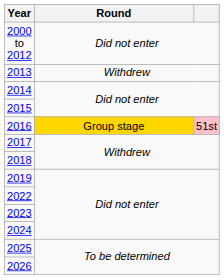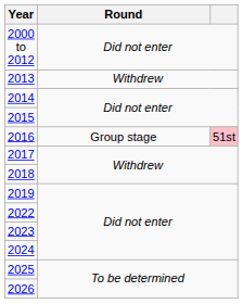 <table class="wikitable" style="text-align: center; font-size:90%">
 <tr>
 <th>Year</th>
 <th style="width:200px">Round</th>
 <th></th>
 </tr>
 <tr>
 <td><a href='#'>2000</a><br>to<br><a href='#'>2012</a></td>
 <td colspan="2"><em>Did not enter</em></td>
 </tr>
 <tr>
 <td><a href='#'>2013</a></td>
 <td colspan="2"><em>Withdrew</em></td>
 </tr>
 <tr>
 <td><a href='#'>2014</a></td>
 <td colspan="2" rowspan="2"><em>Did not enter</em></td>
 </tr>
 <tr>
 <td><a href='#'>2015</a></td>
 </tr>
 <tr>
 <td><a href='#'>2016</a></td>
-<td style="background: gold;">Group stage</td>
+<td>Group stage</td>
 <td style="background: pink;">51st</td>
 </tr>
 <tr>
 <td><a href='#'>2017</a></td>
 <td colspan="2" rowspan="2"><em>Withdrew</em></td>
 </tr>
 <tr>
 <td><a href='#'>2018</a></td>
 </tr>
 <tr>
 <td><a href='#'>2019</a></td>
 <td colspan="2" rowspan="4"><em>Did not enter</em></td>
 </tr>
 <tr>
 <td><a href='#'>2022</a></td>
 </tr>
 <tr>
 <td><a href='#'>2023</a></td>
 </tr>
 <tr>
 <td><a href='#'>2024</a></td>
 </tr>
 <tr>
 <td><a href='#'>2025</a></td>
 <td colspan="2" rowspan="2"><em>To be determined</em></td>
 </tr>
 <tr>
 <td><a href='#'>2026</a></td>
 </tr>
 </table>
